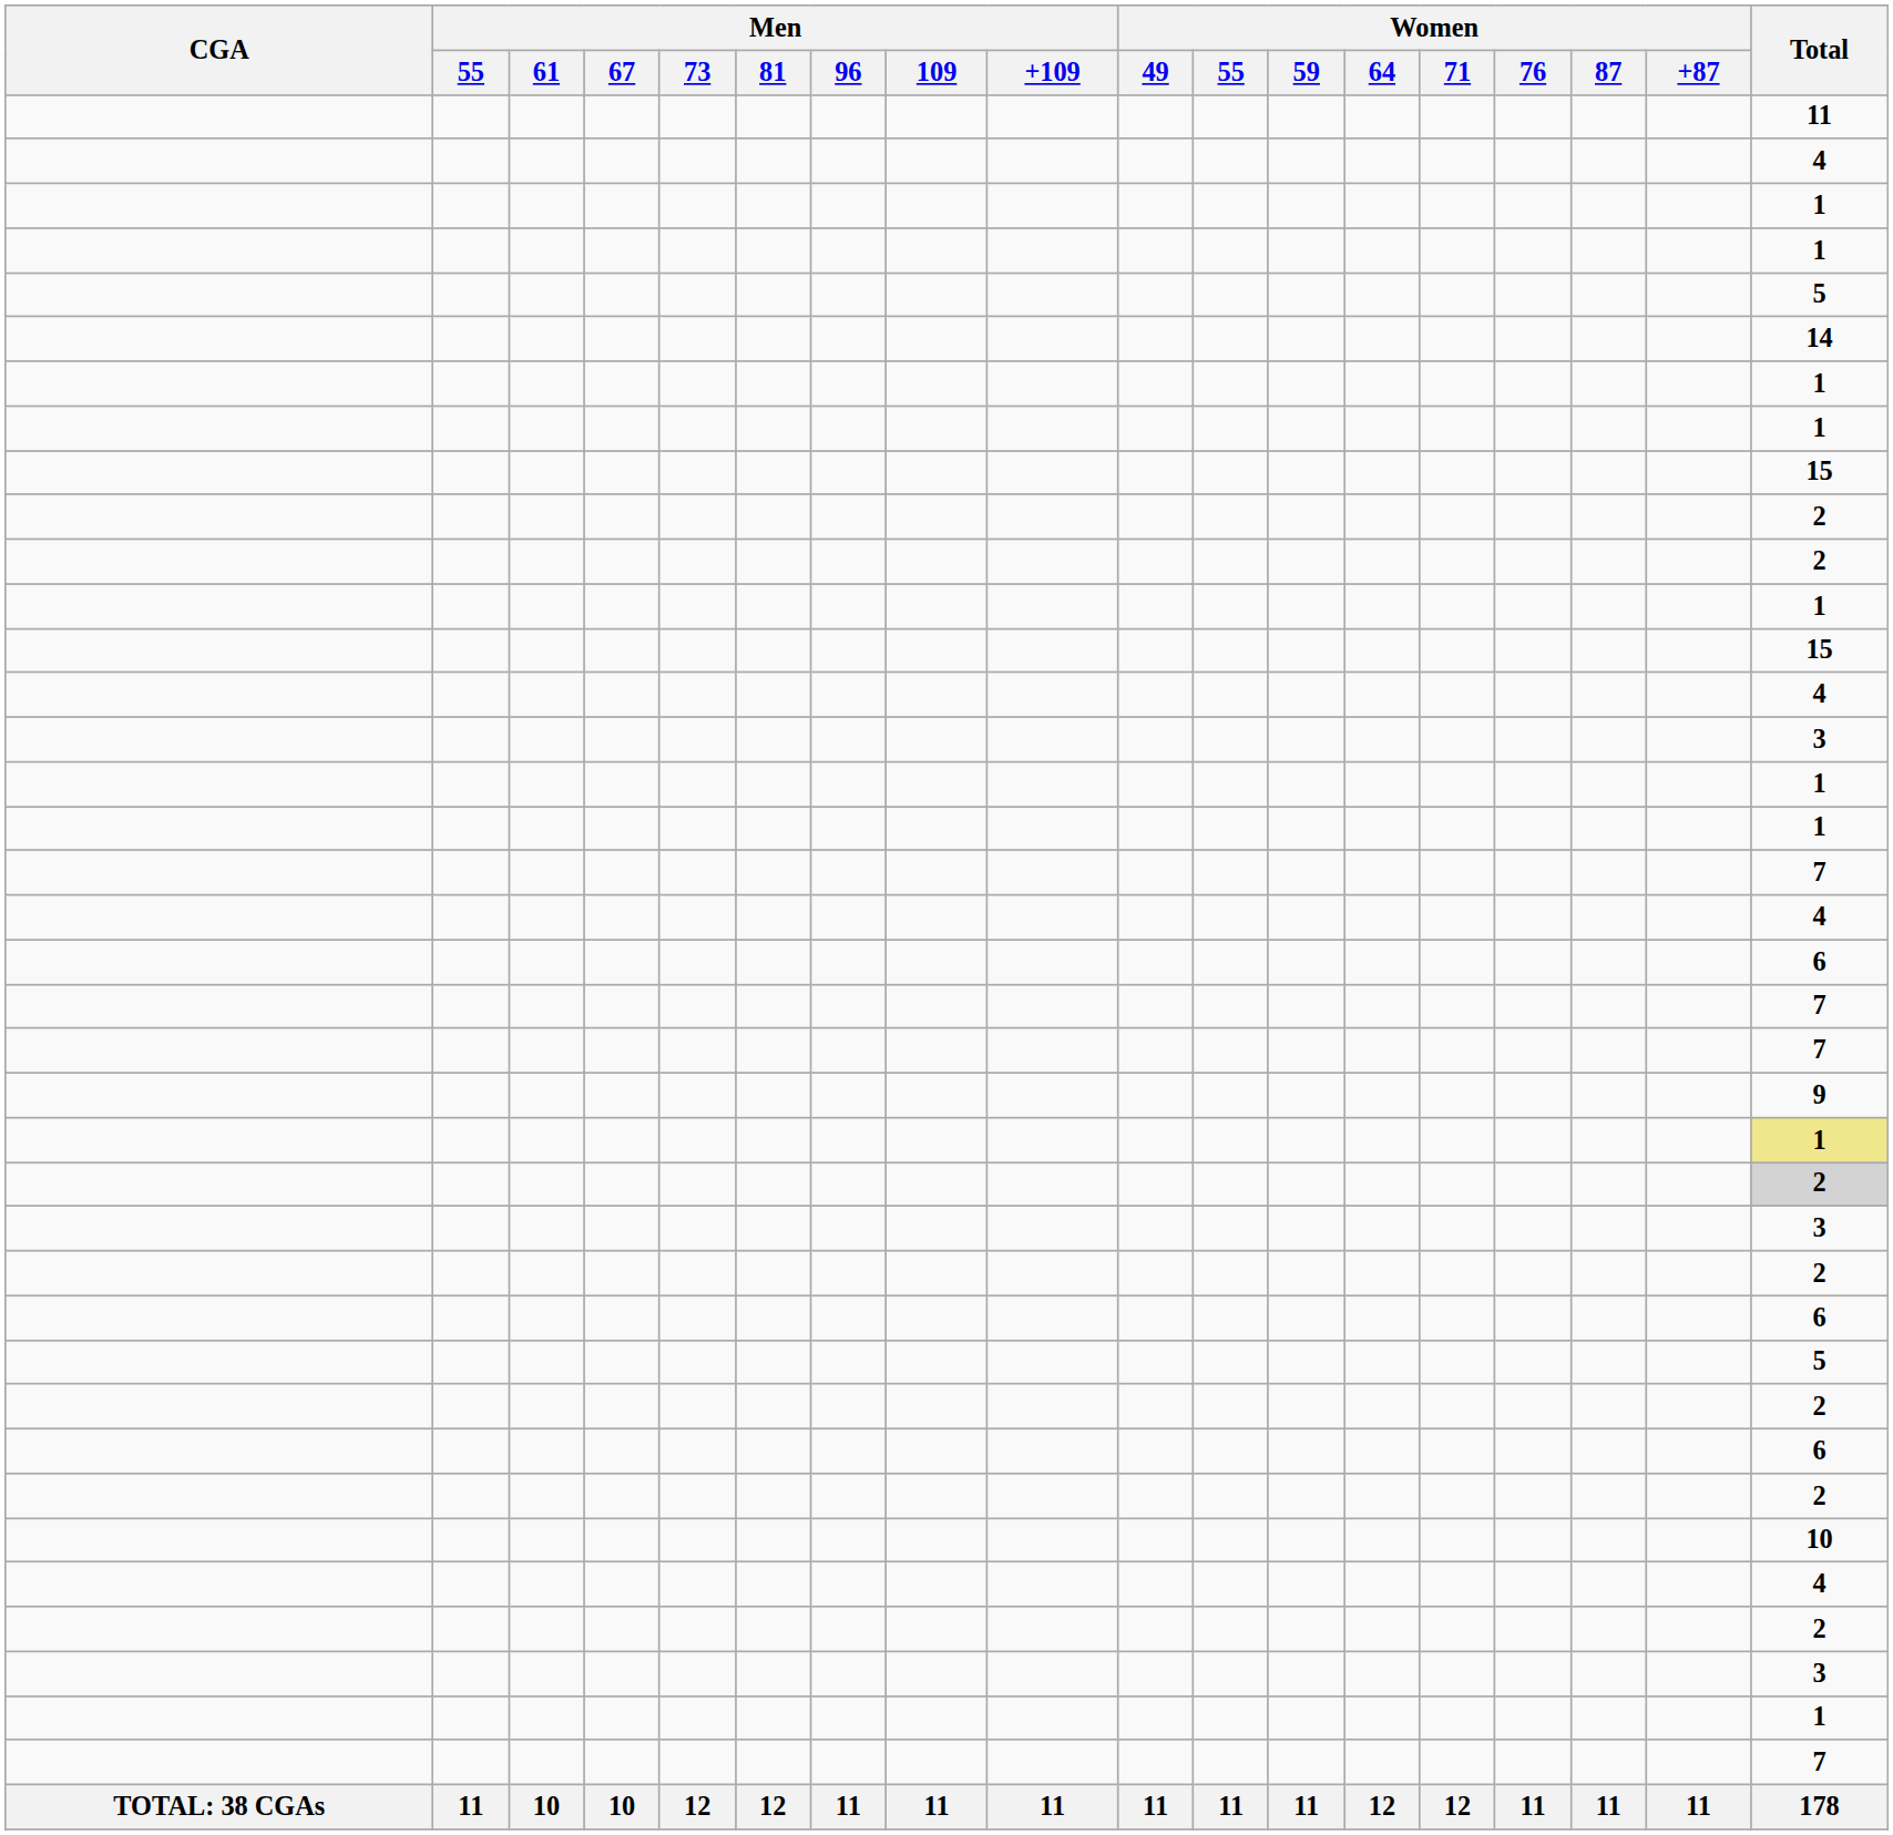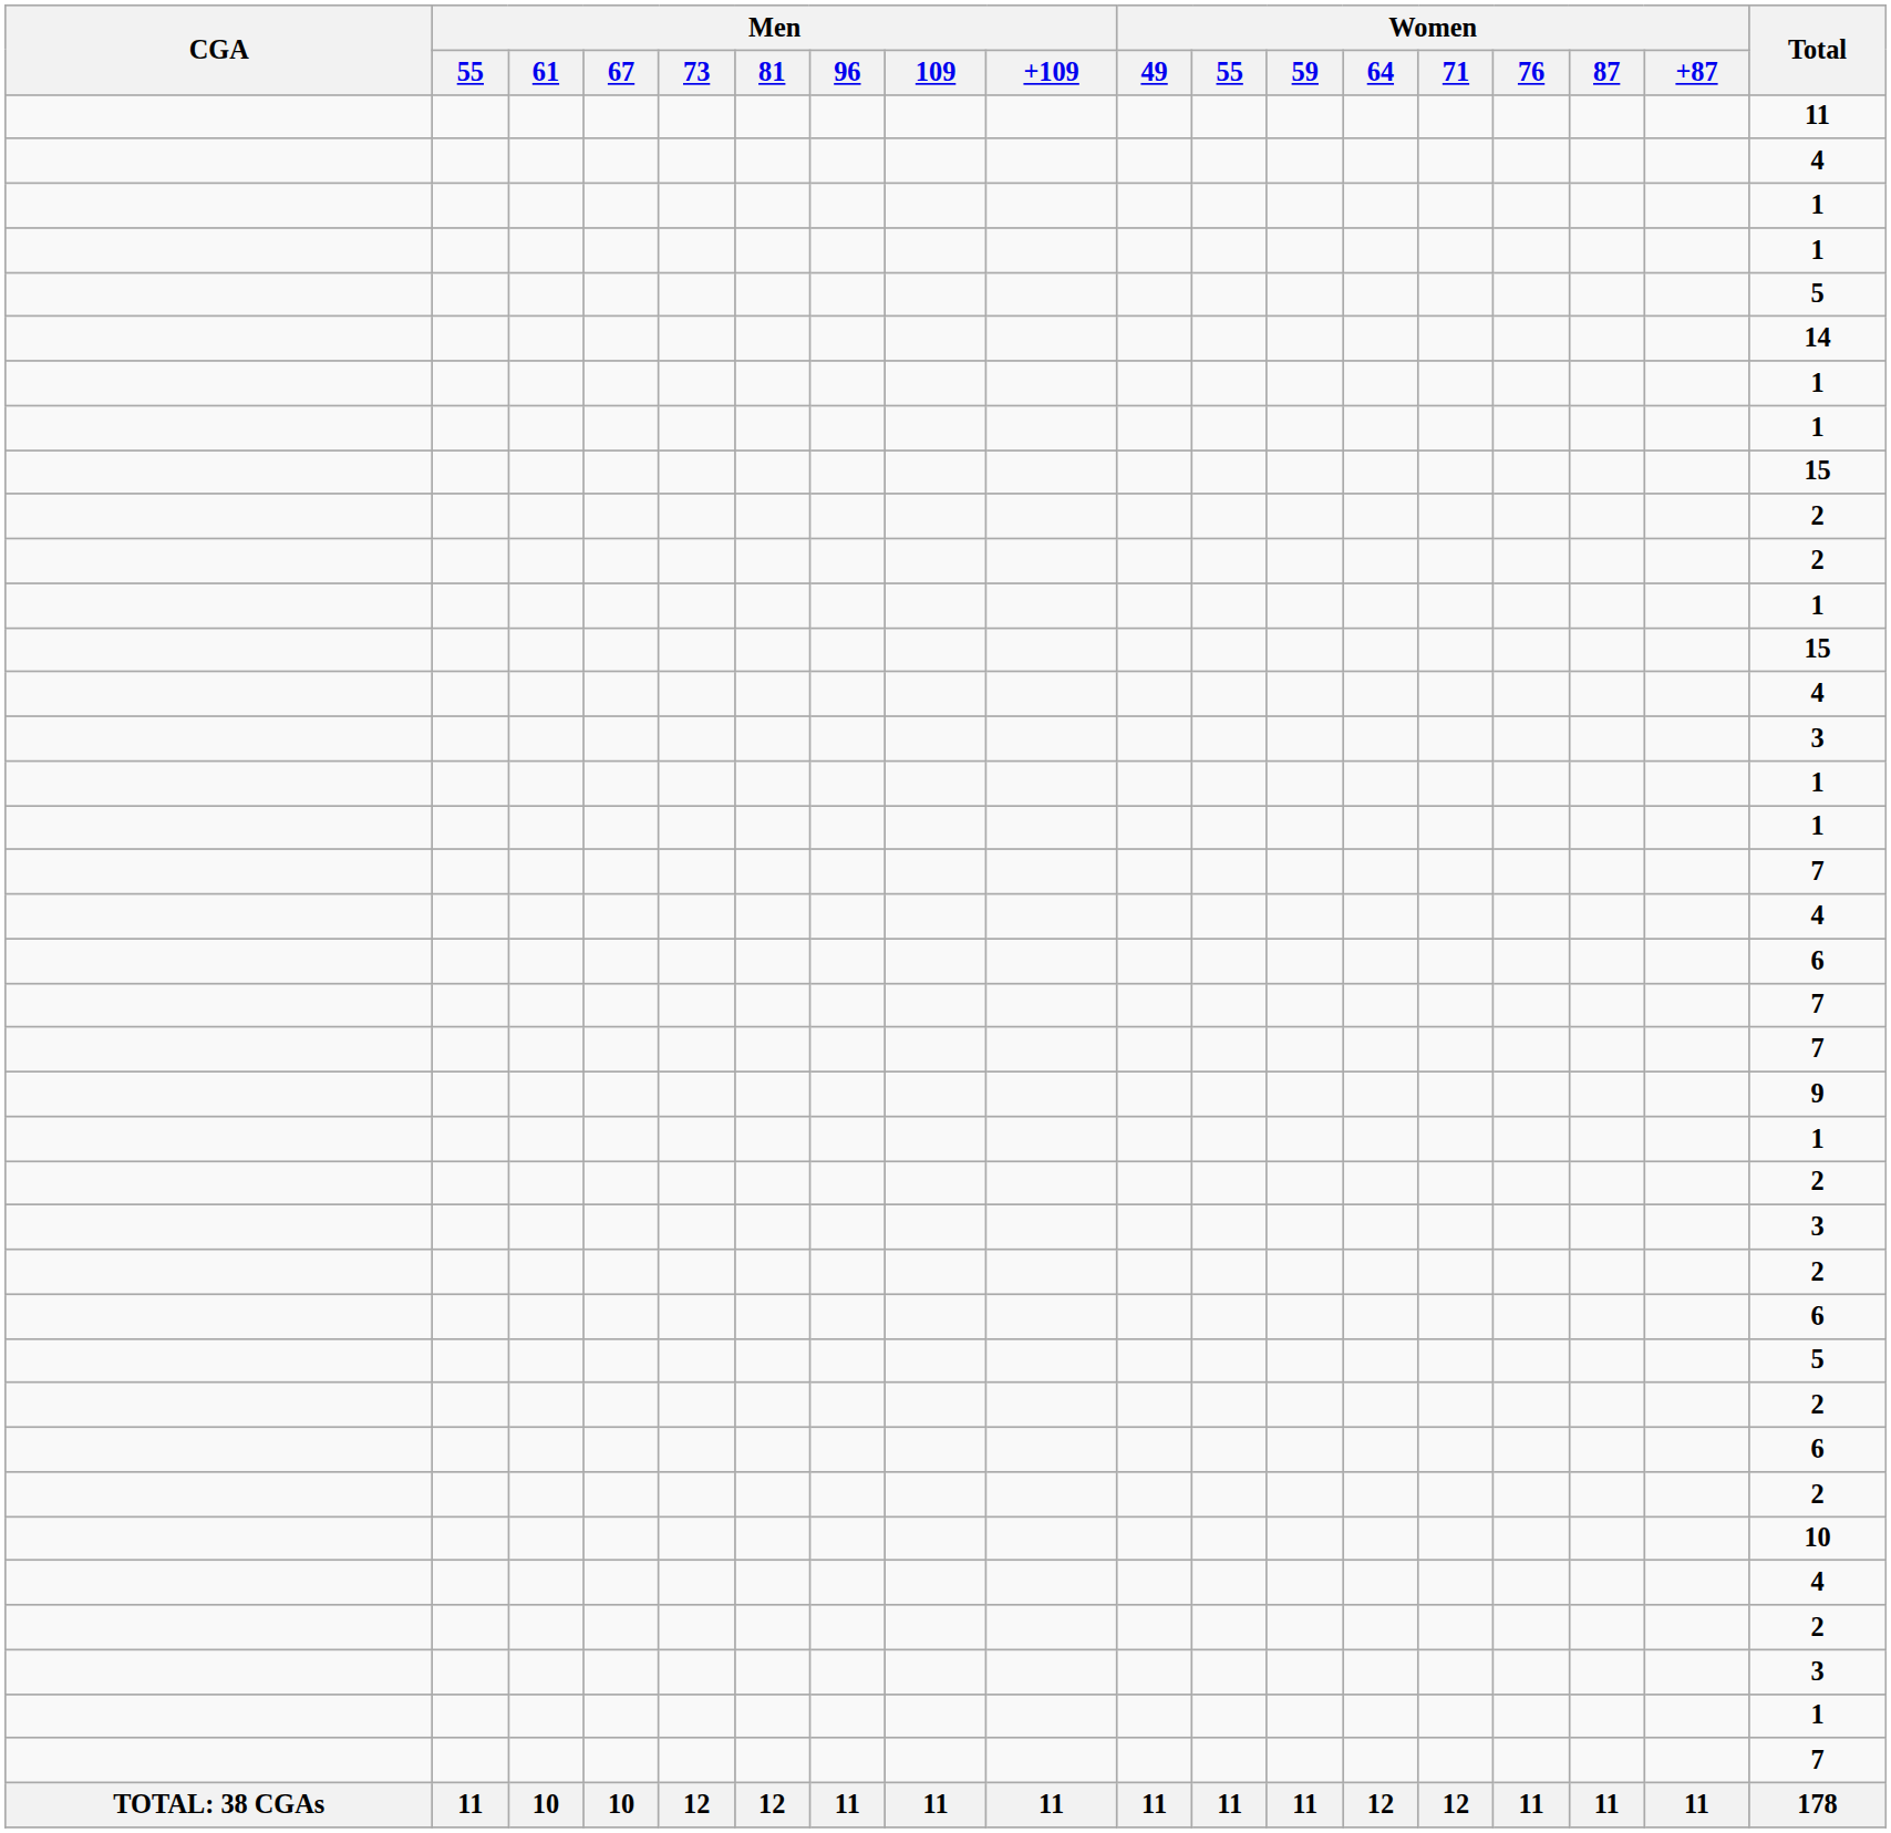 <table class="wikitable sortable" width=1006 style="text-align:center; font-size:90%">
 <tr>
 <th rowspan="2" align="left">CGA</th>
 <th colspan="8">Men</th>
 <th colspan="8">Women</th>
 <th rowspan="2">Total</th>
 </tr>
 <tr>
 <th><a href='#'>55</a></th>
 <th><a href='#'>61</a></th>
 <th><a href='#'>67</a></th>
 <th><a href='#'>73</a></th>
 <th><a href='#'>81</a></th>
 <th><a href='#'>96</a></th>
 <th><a href='#'>109</a></th>
 <th><a href='#'>+109</a></th>
 <th><a href='#'>49</a></th>
 <th><a href='#'>55</a></th>
 <th><a href='#'>59</a></th>
 <th><a href='#'>64</a></th>
 <th><a href='#'>71</a></th>
 <th><a href='#'>76</a></th>
 <th><a href='#'>87</a></th>
 <th><a href='#'>+87</a></th>
 </tr>
 <tr>
 <td style="text-align:left;"></td>
 <td></td>
 <td></td>
 <td></td>
 <td></td>
 <td></td>
 <td></td>
 <td></td>
 <td></td>
 <td></td>
 <td></td>
 <td></td>
 <td></td>
 <td></td>
 <td></td>
 <td></td>
 <td></td>
 <td><strong>11</strong></td>
 </tr>
 <tr>
 <td style="text-align:left;"></td>
 <td></td>
 <td></td>
 <td></td>
 <td></td>
 <td></td>
 <td></td>
 <td></td>
 <td></td>
 <td></td>
 <td></td>
 <td></td>
 <td></td>
 <td></td>
 <td></td>
 <td></td>
 <td></td>
 <td><strong>4</strong></td>
 </tr>
 <tr>
 <td style="text-align:left;"></td>
 <td></td>
 <td></td>
 <td></td>
 <td></td>
 <td></td>
 <td></td>
 <td></td>
 <td></td>
 <td></td>
 <td></td>
 <td></td>
 <td></td>
 <td></td>
 <td></td>
 <td></td>
 <td></td>
 <td><strong>1</strong></td>
 </tr>
 <tr>
 <td style="text-align:left;"></td>
 <td></td>
 <td></td>
 <td></td>
 <td></td>
 <td></td>
 <td></td>
 <td></td>
 <td></td>
 <td></td>
 <td></td>
 <td></td>
 <td></td>
 <td></td>
 <td></td>
 <td></td>
 <td></td>
 <td><strong>1</strong></td>
 </tr>
 <tr>
 <td style="text-align:left;"></td>
 <td></td>
 <td></td>
 <td></td>
 <td></td>
 <td></td>
 <td></td>
 <td></td>
 <td></td>
 <td></td>
 <td></td>
 <td></td>
 <td></td>
 <td></td>
 <td></td>
 <td></td>
 <td></td>
 <td><strong>5</strong></td>
 </tr>
 <tr>
 <td style="text-align:left;"></td>
 <td></td>
 <td></td>
 <td></td>
 <td></td>
 <td></td>
 <td></td>
 <td></td>
 <td></td>
 <td></td>
 <td></td>
 <td></td>
 <td></td>
 <td></td>
 <td></td>
 <td></td>
 <td></td>
 <td><strong>14</strong></td>
 </tr>
 <tr>
 <td style="text-align:left;"></td>
 <td></td>
 <td></td>
 <td></td>
 <td></td>
 <td></td>
 <td></td>
 <td></td>
 <td></td>
 <td></td>
 <td></td>
 <td></td>
 <td></td>
 <td></td>
 <td></td>
 <td></td>
 <td></td>
 <td><strong>1</strong></td>
 </tr>
 <tr>
 <td style="text-align:left;"></td>
 <td></td>
 <td></td>
 <td></td>
 <td></td>
 <td></td>
 <td></td>
 <td></td>
 <td></td>
 <td></td>
 <td></td>
 <td></td>
 <td></td>
 <td></td>
 <td></td>
 <td></td>
 <td></td>
 <td><strong>1</strong></td>
 </tr>
 <tr>
 <td style="text-align:left;"></td>
 <td></td>
 <td></td>
 <td></td>
 <td></td>
 <td></td>
 <td></td>
 <td></td>
 <td></td>
 <td></td>
 <td></td>
 <td></td>
 <td></td>
 <td></td>
 <td></td>
 <td></td>
 <td></td>
 <td><strong>15</strong></td>
 </tr>
 <tr>
 <td style="text-align:left;"></td>
 <td></td>
 <td></td>
 <td></td>
 <td></td>
 <td></td>
 <td></td>
 <td></td>
 <td></td>
 <td></td>
 <td></td>
 <td></td>
 <td></td>
 <td></td>
 <td></td>
 <td></td>
 <td></td>
 <td><strong>2</strong></td>
 </tr>
 <tr>
 <td style="text-align:left;"></td>
 <td></td>
 <td></td>
 <td></td>
 <td></td>
 <td></td>
 <td></td>
 <td></td>
 <td></td>
 <td></td>
 <td></td>
 <td></td>
 <td></td>
 <td></td>
 <td></td>
 <td></td>
 <td></td>
 <td><strong>2</strong></td>
 </tr>
 <tr>
 <td style="text-align:left;"></td>
 <td></td>
 <td></td>
 <td></td>
 <td></td>
 <td></td>
 <td></td>
 <td></td>
 <td></td>
 <td></td>
 <td></td>
 <td></td>
 <td></td>
 <td></td>
 <td></td>
 <td></td>
 <td></td>
 <td><strong>1</strong></td>
 </tr>
 <tr>
 <td style="text-align:left;"></td>
 <td></td>
 <td></td>
 <td></td>
 <td></td>
 <td></td>
 <td></td>
 <td></td>
 <td></td>
 <td></td>
 <td></td>
 <td></td>
 <td></td>
 <td></td>
 <td></td>
 <td></td>
 <td></td>
 <td><strong>15</strong></td>
 </tr>
 <tr>
 <td style="text-align:left;"></td>
 <td></td>
 <td></td>
 <td></td>
 <td></td>
 <td></td>
 <td></td>
 <td></td>
 <td></td>
 <td></td>
 <td></td>
 <td></td>
 <td></td>
 <td></td>
 <td></td>
 <td></td>
 <td></td>
 <td><strong>4</strong></td>
 </tr>
 <tr>
 <td style="text-align:left;"></td>
 <td></td>
 <td></td>
 <td></td>
 <td></td>
 <td></td>
 <td></td>
 <td></td>
 <td></td>
 <td></td>
 <td></td>
 <td></td>
 <td></td>
 <td></td>
 <td></td>
 <td></td>
 <td></td>
 <td><strong>3</strong></td>
 </tr>
 <tr>
 <td style="text-align:left;"></td>
 <td></td>
 <td></td>
 <td></td>
 <td></td>
 <td></td>
 <td></td>
 <td></td>
 <td></td>
 <td></td>
 <td></td>
 <td></td>
 <td></td>
 <td></td>
 <td></td>
 <td></td>
 <td></td>
 <td><strong>1</strong></td>
 </tr>
 <tr>
 <td style="text-align:left;"></td>
 <td></td>
 <td></td>
 <td></td>
 <td></td>
 <td></td>
 <td></td>
 <td></td>
 <td></td>
 <td></td>
 <td></td>
 <td></td>
 <td></td>
 <td></td>
 <td></td>
 <td></td>
 <td></td>
 <td><strong>1</strong></td>
 </tr>
 <tr>
 <td style="text-align:left;"></td>
 <td></td>
 <td></td>
 <td></td>
 <td></td>
 <td></td>
 <td></td>
 <td></td>
 <td></td>
 <td></td>
 <td></td>
 <td></td>
 <td></td>
 <td></td>
 <td></td>
 <td></td>
 <td></td>
 <td><strong>7</strong></td>
 </tr>
 <tr>
 <td style="text-align:left;"></td>
 <td></td>
 <td></td>
 <td></td>
 <td></td>
 <td></td>
 <td></td>
 <td></td>
 <td></td>
 <td></td>
 <td></td>
 <td></td>
 <td></td>
 <td></td>
 <td></td>
 <td></td>
 <td></td>
 <td><strong>4</strong></td>
 </tr>
 <tr>
 <td style="text-align:left;"></td>
 <td></td>
 <td></td>
 <td></td>
 <td></td>
 <td></td>
 <td></td>
 <td></td>
 <td></td>
 <td></td>
 <td></td>
 <td></td>
 <td></td>
 <td></td>
 <td></td>
 <td></td>
 <td></td>
 <td><strong>6</strong></td>
 </tr>
 <tr>
 <td style="text-align:left;"></td>
 <td></td>
 <td></td>
 <td></td>
 <td></td>
 <td></td>
 <td></td>
 <td></td>
 <td></td>
 <td></td>
 <td></td>
 <td></td>
 <td></td>
 <td></td>
 <td></td>
 <td></td>
 <td></td>
 <td><strong>7</strong></td>
 </tr>
 <tr>
 <td style="text-align:left;"></td>
 <td></td>
 <td></td>
 <td></td>
 <td></td>
 <td></td>
 <td></td>
 <td></td>
 <td></td>
 <td></td>
 <td></td>
 <td></td>
 <td></td>
 <td></td>
 <td></td>
 <td></td>
 <td></td>
 <td><strong>7</strong></td>
 </tr>
 <tr>
 <td style="text-align:left;"></td>
 <td></td>
 <td></td>
 <td></td>
 <td></td>
 <td></td>
 <td></td>
 <td></td>
 <td></td>
 <td></td>
 <td></td>
 <td></td>
 <td></td>
 <td></td>
 <td></td>
 <td></td>
 <td></td>
 <td><strong>9</strong></td>
 </tr>
 <tr>
 <td style="text-align:left;"></td>
 <td></td>
 <td></td>
 <td></td>
 <td></td>
 <td></td>
 <td></td>
 <td></td>
 <td></td>
 <td></td>
 <td></td>
 <td></td>
 <td></td>
 <td></td>
 <td></td>
 <td></td>
 <td></td>
-<td style="background: khaki;"><strong>1</strong></td>
+<td><strong>1</strong></td>
 </tr>
 <tr>
 <td style="text-align:left;"></td>
 <td></td>
 <td></td>
 <td></td>
 <td></td>
 <td></td>
 <td></td>
 <td></td>
 <td></td>
 <td></td>
 <td></td>
 <td></td>
 <td></td>
 <td></td>
 <td></td>
 <td></td>
 <td></td>
-<td style="background: lightgrey;"><strong>2</strong></td>
+<td><strong>2</strong></td>
 </tr>
 <tr>
 <td style="text-align:left;"></td>
 <td></td>
 <td></td>
 <td></td>
 <td></td>
 <td></td>
 <td></td>
 <td></td>
 <td></td>
 <td></td>
 <td></td>
 <td></td>
 <td></td>
 <td></td>
 <td></td>
 <td></td>
 <td></td>
 <td><strong>3</strong></td>
 </tr>
 <tr>
 <td style="text-align:left;"></td>
 <td></td>
 <td></td>
 <td></td>
 <td></td>
 <td></td>
 <td></td>
 <td></td>
 <td></td>
 <td></td>
 <td></td>
 <td></td>
 <td></td>
 <td></td>
 <td></td>
 <td></td>
 <td></td>
 <td><strong>2</strong></td>
 </tr>
 <tr>
 <td style="text-align:left;"></td>
 <td></td>
 <td></td>
 <td></td>
 <td></td>
 <td></td>
 <td></td>
 <td></td>
 <td></td>
 <td></td>
 <td></td>
 <td></td>
 <td></td>
 <td></td>
 <td></td>
 <td></td>
 <td></td>
 <td><strong>6</strong></td>
 </tr>
 <tr>
 <td style="text-align:left;"></td>
 <td></td>
 <td></td>
 <td></td>
 <td></td>
 <td></td>
 <td></td>
 <td></td>
 <td></td>
 <td></td>
 <td></td>
 <td></td>
 <td></td>
 <td></td>
 <td></td>
 <td></td>
 <td></td>
 <td><strong>5</strong></td>
 </tr>
 <tr>
 <td style="text-align:left;"></td>
 <td></td>
 <td></td>
 <td></td>
 <td></td>
 <td></td>
 <td></td>
 <td></td>
 <td></td>
 <td></td>
 <td></td>
 <td></td>
 <td></td>
 <td></td>
 <td></td>
 <td></td>
 <td></td>
 <td><strong>2</strong></td>
 </tr>
 <tr>
 <td style="text-align:left;"></td>
 <td></td>
 <td></td>
 <td></td>
 <td></td>
 <td></td>
 <td></td>
 <td></td>
 <td></td>
 <td></td>
 <td></td>
 <td></td>
 <td></td>
 <td></td>
 <td></td>
 <td></td>
 <td></td>
 <td><strong>6</strong></td>
 </tr>
 <tr>
 <td style="text-align:left;"></td>
 <td></td>
 <td></td>
 <td></td>
 <td></td>
 <td></td>
 <td></td>
 <td></td>
 <td></td>
 <td></td>
 <td></td>
 <td></td>
 <td></td>
 <td></td>
 <td></td>
 <td></td>
 <td></td>
 <td><strong>2</strong></td>
 </tr>
 <tr>
 <td style="text-align:left;"></td>
 <td></td>
 <td></td>
 <td></td>
 <td></td>
 <td></td>
 <td></td>
 <td></td>
 <td></td>
 <td></td>
 <td></td>
 <td></td>
 <td></td>
 <td></td>
 <td></td>
 <td></td>
 <td></td>
 <td><strong>10</strong></td>
 </tr>
 <tr>
 <td style="text-align:left;"></td>
 <td></td>
 <td></td>
 <td></td>
 <td></td>
 <td></td>
 <td></td>
 <td></td>
 <td></td>
 <td></td>
 <td></td>
 <td></td>
 <td></td>
 <td></td>
 <td></td>
 <td></td>
 <td></td>
 <td><strong>4</strong></td>
 </tr>
 <tr>
 <td style="text-align:left;"></td>
 <td></td>
 <td></td>
 <td></td>
 <td></td>
 <td></td>
 <td></td>
 <td></td>
 <td></td>
 <td></td>
 <td></td>
 <td></td>
 <td></td>
 <td></td>
 <td></td>
 <td></td>
 <td></td>
 <td><strong>2</strong></td>
 </tr>
 <tr>
 <td style="text-align:left;"></td>
 <td></td>
 <td></td>
 <td></td>
 <td></td>
 <td></td>
 <td></td>
 <td></td>
 <td></td>
 <td></td>
 <td></td>
 <td></td>
 <td></td>
 <td></td>
 <td></td>
 <td></td>
 <td></td>
 <td><strong>3</strong></td>
 </tr>
 <tr>
 <td style="text-align:left;"></td>
 <td></td>
 <td></td>
 <td></td>
 <td></td>
 <td></td>
 <td></td>
 <td></td>
 <td></td>
 <td></td>
 <td></td>
 <td></td>
 <td></td>
 <td></td>
 <td></td>
 <td></td>
 <td></td>
 <td><strong>1</strong></td>
 </tr>
 <tr>
 <td style="text-align:left;"></td>
 <td></td>
 <td></td>
 <td></td>
 <td></td>
 <td></td>
 <td></td>
 <td></td>
 <td></td>
 <td></td>
 <td></td>
 <td></td>
 <td></td>
 <td></td>
 <td></td>
 <td></td>
 <td></td>
 <td><strong>7</strong></td>
 </tr>
 <tr>
 <th>TOTAL: 38 CGAs</th>
 <th>11</th>
 <th>10</th>
 <th>10</th>
 <th>12</th>
 <th>12</th>
 <th>11</th>
 <th>11</th>
 <th>11</th>
 <th>11</th>
 <th>11</th>
 <th>11</th>
 <th>12</th>
 <th>12</th>
 <th>11</th>
 <th>11</th>
 <th>11</th>
 <th>178</th>
 </tr>
 </table>
